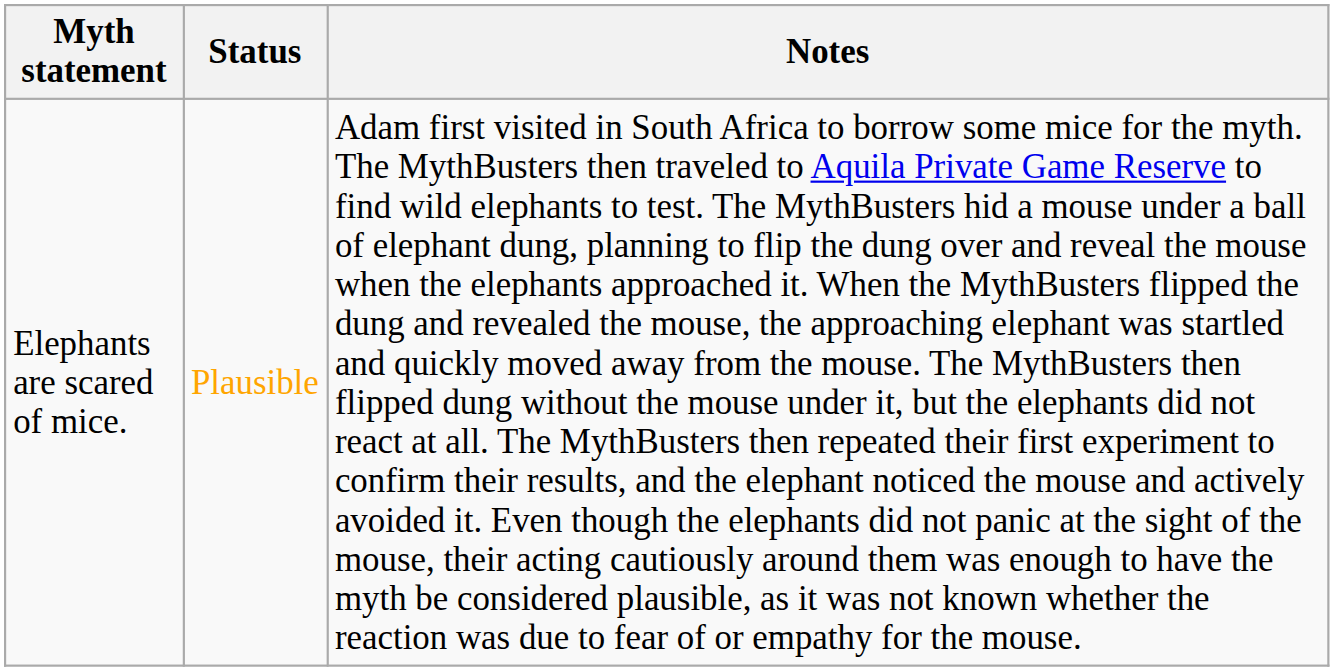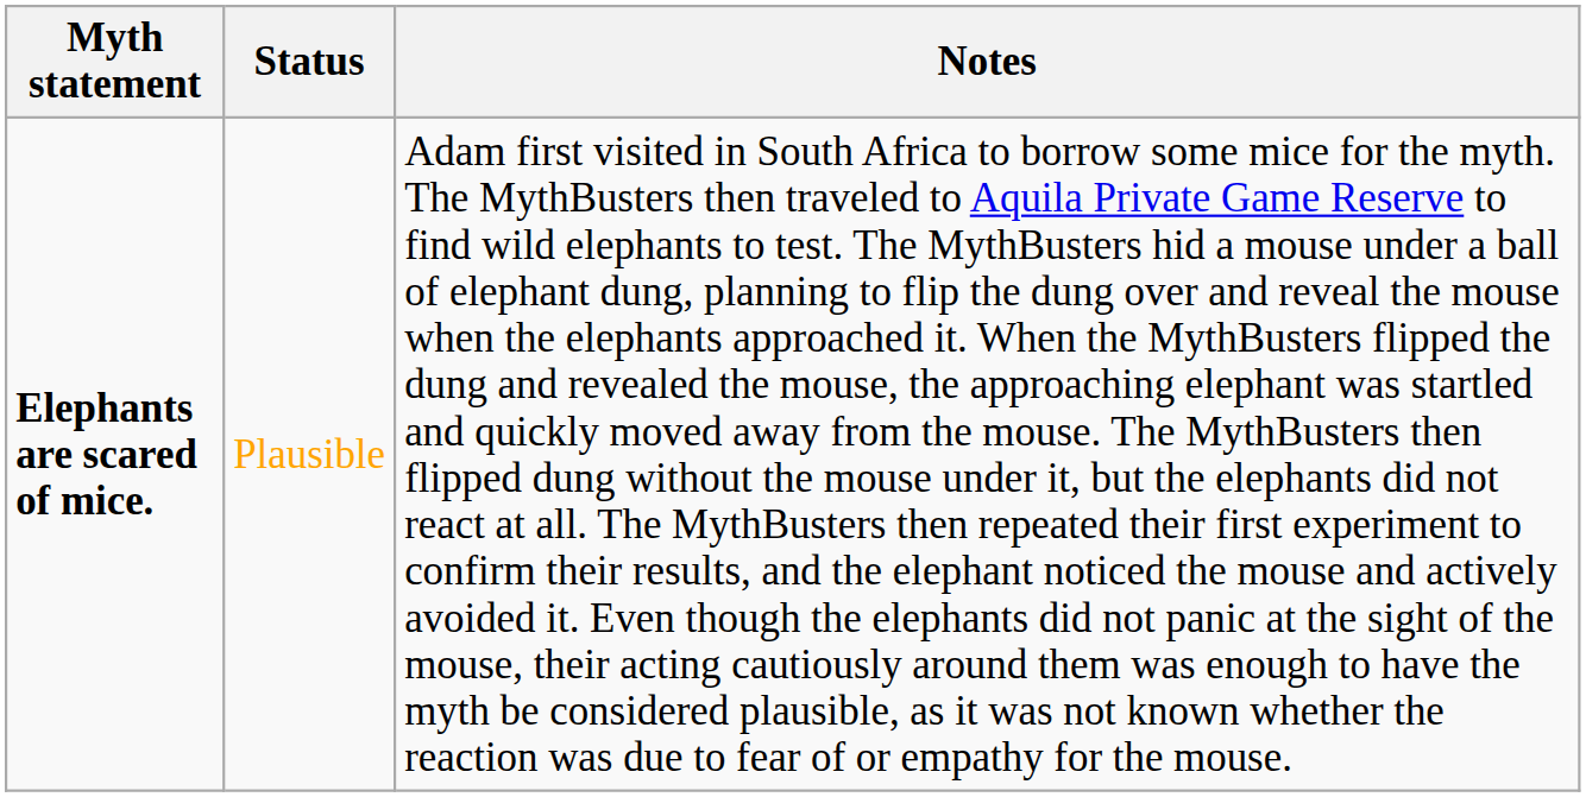 <table class="wikitable plainrowheaders">
 <tr>
 <th>Myth statement</th>
 <th>Status</th>
 <th>Notes</th>
 </tr>
 <tr>
-<td>Elephants are scared of mice.</td>
+<td><strong>Elephants are scared of mice.</strong></td>
 <td style="color:orange">Plausible</td>
 <td>Adam first visited  in South Africa to borrow some mice for the myth. The MythBusters then traveled to <a href='#'>Aquila Private Game Reserve</a> to find wild elephants to test. The MythBusters hid a mouse under a ball of elephant dung, planning to flip the dung over and reveal the mouse when the elephants approached it. When the MythBusters flipped the dung and revealed the mouse, the approaching elephant was startled and quickly moved away from the mouse. The MythBusters then flipped dung without the mouse under it, but the elephants did not react at all. The MythBusters then repeated their first experiment to confirm their results, and the elephant noticed the mouse and actively avoided it. Even though the elephants did not panic at the sight of the mouse, their acting cautiously around them was enough to have the myth be considered plausible, as it was not known whether the reaction was due to fear of or empathy for the mouse.</td>
 </tr>
 </table>
